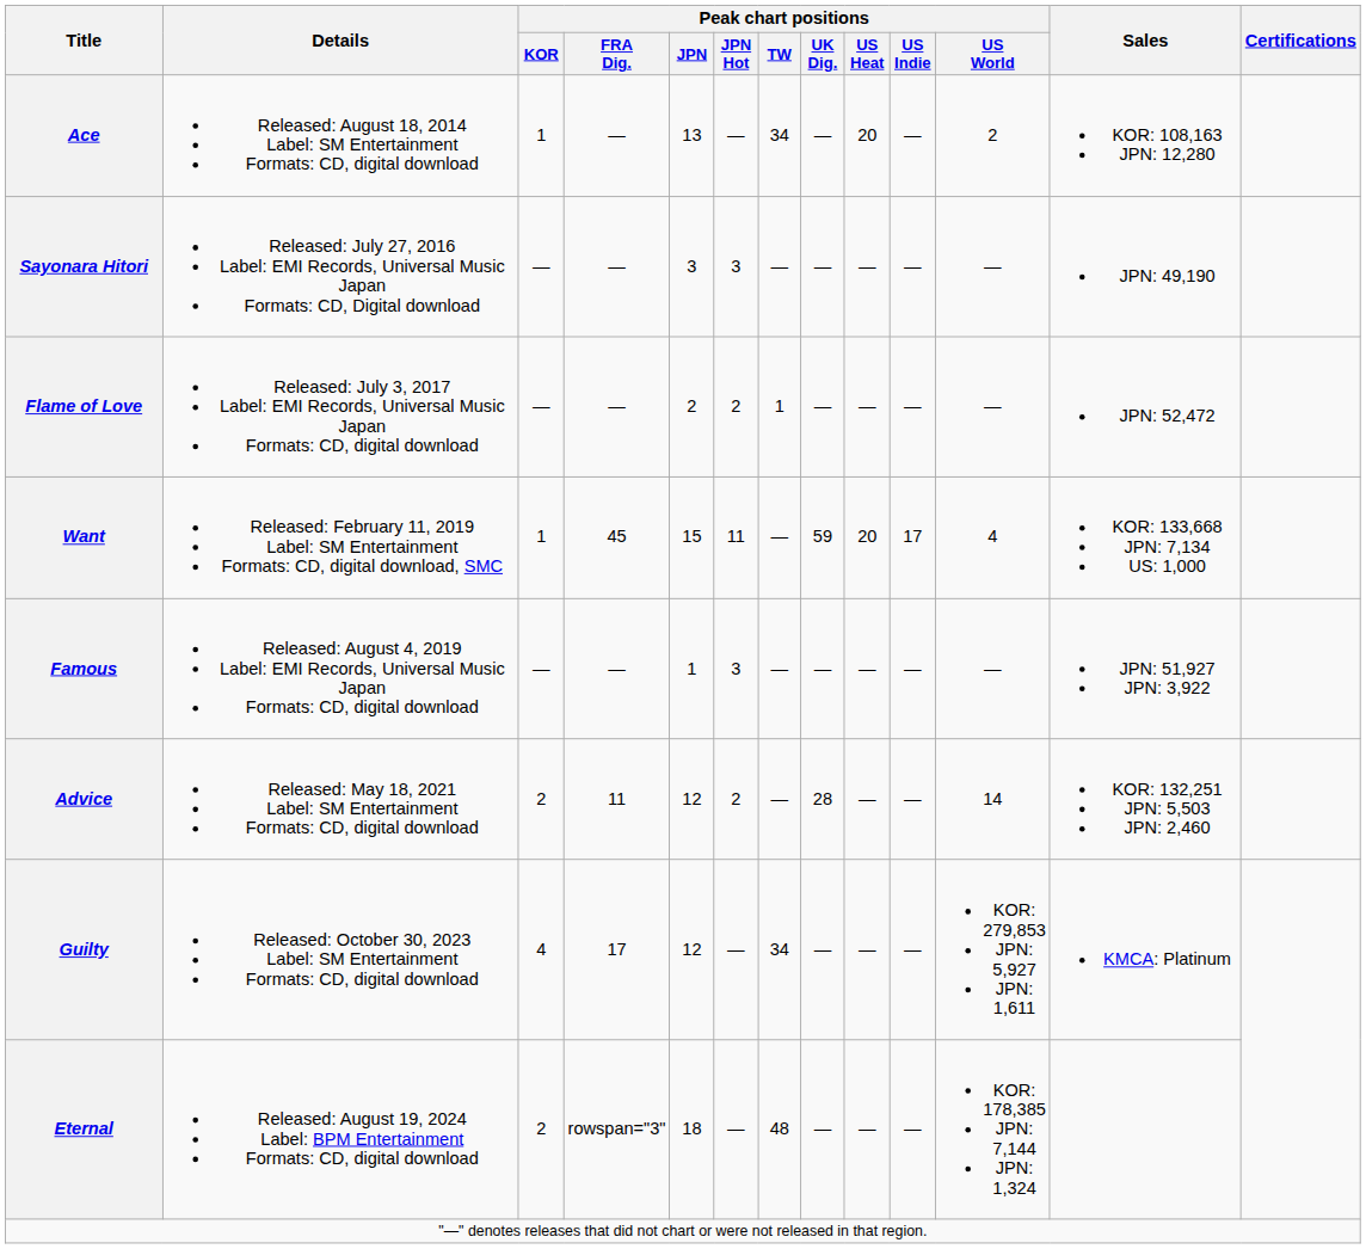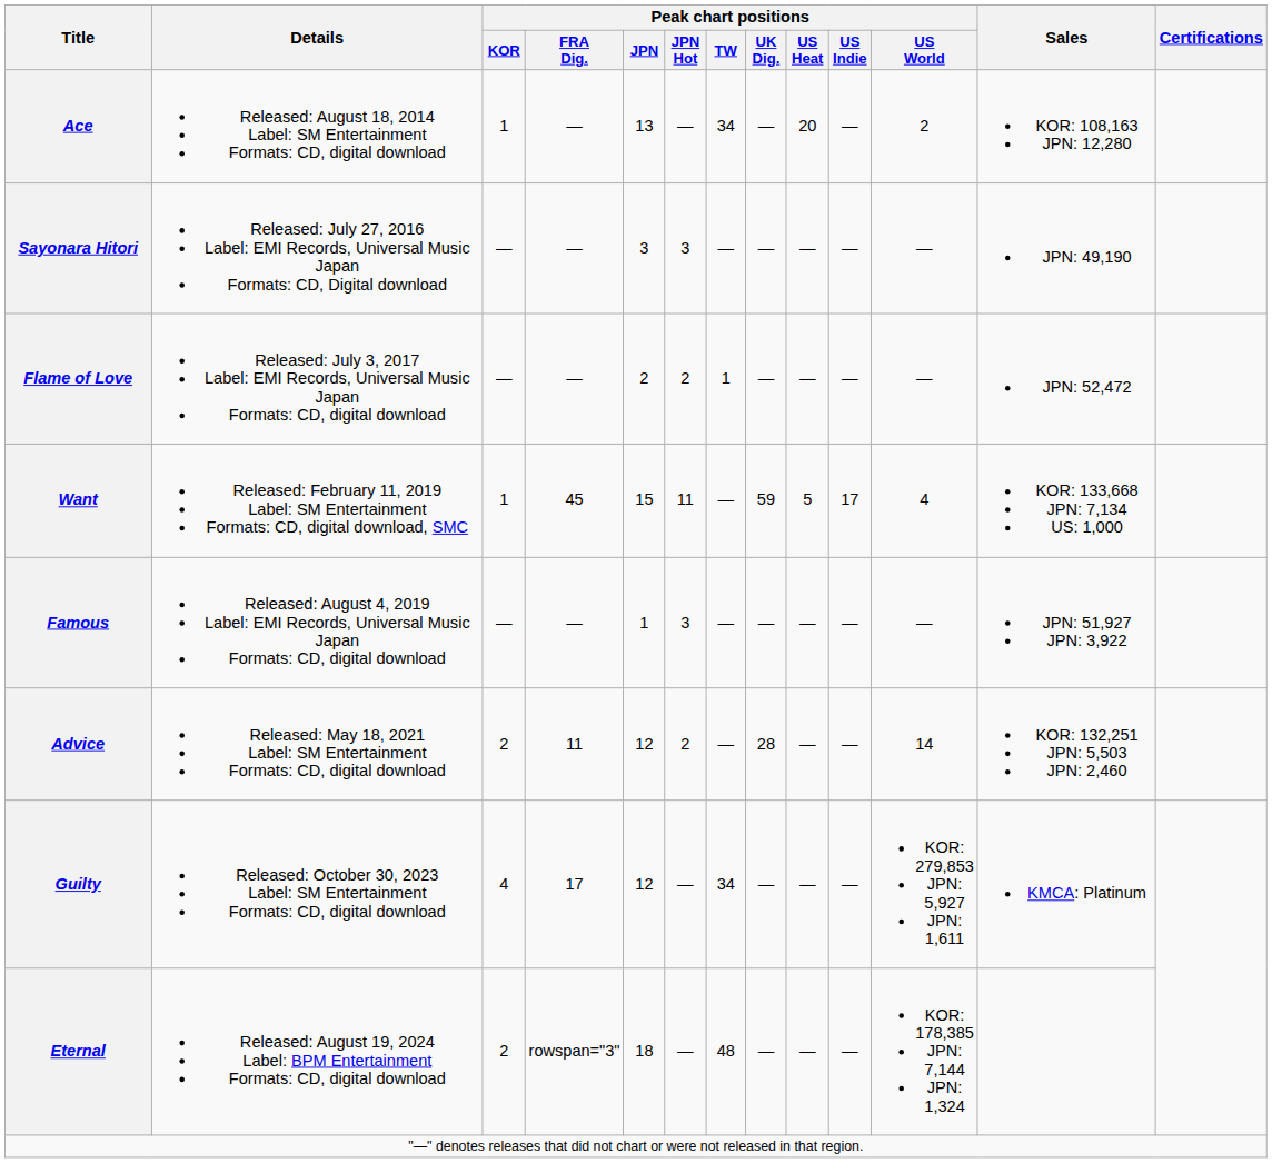 <table class="wikitable plainrowheaders" style="text-align:center;">
 <tr>
 <th scope="col" rowspan="2" style="width:10em;">Title</th>
 <th scope="col" rowspan="2" style="width:24em;">Details</th>
 <th scope="col" colspan="9">Peak chart positions</th>
 <th scope="col" rowspan="2" style="width:12em;">Sales</th>
 <th scope="col" rowspan="2"><a href='#'>Certifications</a></th>
 </tr>
 <tr>
 <th style="width:2.5em; font-size:90%"><a href='#'>KOR</a><br></th>
 <th style="width:2.5em; font-size:90%"><a href='#'>FRA<br>Dig.</a><br></th>
 <th style="width:2.5em; font-size:90%"><a href='#'>JPN</a><br></th>
 <th style="width:2.5em; font-size:90%"><a href='#'>JPN<br>Hot</a><br></th>
 <th style="width:2.5em; font-size:90%"><a href='#'>TW</a><br></th>
 <th style="width:2.5em; font-size:90%"><a href='#'>UK<br>Dig.</a><br></th>
 <th style="width:2.5em; font-size:90%"><a href='#'>US<br>Heat</a><br></th>
 <th style="width:2.5em; font-size:90%"><a href='#'>US<br>Indie</a><br></th>
 <th style="width:2.5em; font-size:90%"><a href='#'>US<br>World</a><br></th>
 </tr>
 <tr>
 <th scope="row"><em><a href='#'>Ace</a></em></th>
 <td><br><ul><li>Released: August 18, 2014 </li><li>Label: SM Entertainment</li><li>Formats: CD, digital download</li></ul></td>
 <td>1</td>
 <td>—</td>
 <td>13</td>
 <td>—</td>
 <td>34</td>
 <td>—</td>
 <td>20</td>
 <td>—</td>
 <td>2</td>
 <td><br><ul><li>KOR: 108,163</li><li>JPN: 12,280</li></ul></td>
 <td></td>
 </tr>
 <tr>
 <th scope="row"><em><a href='#'>Sayonara Hitori</a></em></th>
 <td><br><ul><li>Released: July 27, 2016 </li><li>Label: EMI Records, Universal Music Japan</li><li>Formats: CD, Digital download</li></ul></td>
 <td>—</td>
 <td>—</td>
 <td>3</td>
 <td>3</td>
 <td>—</td>
 <td>—</td>
 <td>—</td>
 <td>—</td>
 <td>—</td>
 <td><br><ul><li>JPN: 49,190</li></ul></td>
 <td></td>
 </tr>
 <tr>
 <th scope="row"><em><a href='#'>Flame of Love</a></em></th>
 <td><br><ul><li>Released: July 3, 2017 </li><li>Label: EMI Records, Universal Music Japan</li><li>Formats: CD, digital download</li></ul></td>
 <td>—</td>
 <td>—</td>
 <td>2</td>
 <td>2</td>
 <td>1</td>
 <td>—</td>
 <td>—</td>
 <td>—</td>
 <td>—</td>
 <td><br><ul><li>JPN: 52,472</li></ul></td>
 <td></td>
 </tr>
 <tr>
 <th scope="row"><em><a href='#'>Want</a></em></th>
 <td><br><ul><li>Released: February 11, 2019 </li><li>Label: SM Entertainment</li><li>Formats: CD, digital download, <a href='#'>SMC</a></li></ul></td>
 <td>1</td>
 <td>45</td>
 <td>15</td>
 <td>11</td>
 <td>—</td>
 <td>59</td>
-<td>20</td>
+<td>5</td>
 <td>17</td>
 <td>4</td>
 <td><br><ul><li>KOR: 133,668</li><li>JPN: 7,134</li><li>US: 1,000</li></ul></td>
 <td></td>
 </tr>
 <tr>
 <th scope="row"><em><a href='#'>Famous</a></em></th>
 <td><br><ul><li>Released: August 4, 2019 </li><li>Label: EMI Records, Universal Music Japan</li><li>Formats: CD, digital download</li></ul></td>
 <td>—</td>
 <td>—</td>
 <td>1</td>
 <td>3</td>
 <td>—</td>
 <td>—</td>
 <td>—</td>
 <td>—</td>
 <td>—</td>
 <td><br><ul><li>JPN: 51,927 </li><li>JPN: 3,922 </li></ul></td>
 <td></td>
 </tr>
 <tr>
 <th scope="row"><em><a href='#'>Advice</a></em></th>
 <td><br><ul><li>Released: May 18, 2021 </li><li>Label: SM Entertainment</li><li>Formats: CD, digital download</li></ul></td>
 <td>2</td>
 <td>11</td>
 <td>12</td>
 <td>2</td>
 <td>—</td>
 <td>28</td>
 <td>—</td>
 <td>—</td>
 <td>14</td>
 <td><br><ul><li>KOR: 132,251</li><li>JPN: 5,503 </li><li>JPN: 2,460 </li></ul></td>
 <td></td>
 </tr>
 <tr>
 <th scope="row"><em><a href='#'>Guilty</a></em></th>
 <td><br><ul><li>Released: October 30, 2023 </li><li>Label: SM Entertainment</li><li>Formats: CD, digital download</li></ul></td>
 <td>4</td>
 <td>17</td>
 <td>12</td>
 <td>—</td>
 <td>34</td>
 <td>—</td>
 <td>—</td>
 <td>—</td>
 <td><br><ul><li>KOR: 279,853</li><li>JPN: 5,927 </li><li>JPN: 1,611 </li></ul></td>
 <td><br><ul><li><a href='#'>KMCA</a>: Platinum</li></ul></td>
 </tr>
 <tr>
 <th scope="row"><em><a href='#'>Eternal</a></em></th>
 <td><br><ul><li>Released: August 19, 2024 </li><li>Label: <a href='#'>BPM Entertainment</a></li><li>Formats: CD, digital download</li></ul></td>
 <td>2</td>
 <td>rowspan="3" </td>
 <td>18</td>
 <td>—</td>
 <td>48</td>
 <td>—</td>
 <td>—</td>
 <td>—</td>
 <td><br><ul><li>KOR: 178,385</li><li>JPN: 7,144 </li><li>JPN: 1,324 </li></ul></td>
 <td></td>
 </tr>
 <tr>
 <td colspan="13" style="font-size:85%">"—" denotes releases that did not chart or were not released in that region.</td>
 </tr>
 </table>
